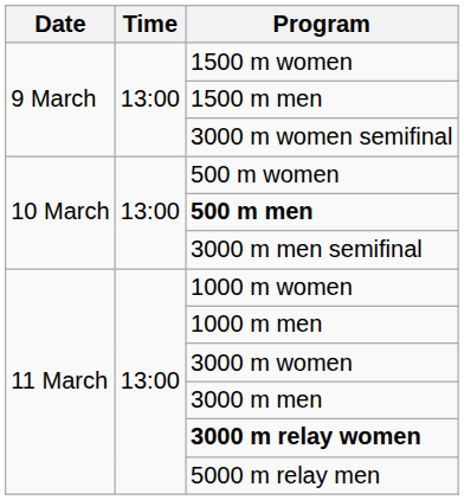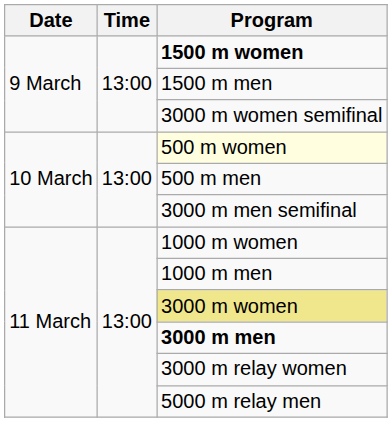 <table class="wikitable">
 <tr>
 <th>Date</th>
 <th>Time</th>
 <th>Program</th>
 </tr>
 <tr>
 <td rowspan=3>9 March</td>
 <td rowspan=3>13:00</td>
-<td>1500 m women</td>
+<td><strong>1500 m women</strong></td>
 </tr>
 <tr>
 <td>1500 m men</td>
 </tr>
 <tr>
 <td>3000 m women semifinal</td>
 </tr>
 <tr>
 <td rowspan=3>10 March</td>
 <td rowspan=3>13:00</td>
-<td>500 m women</td>
+<td style="background: lightyellow;">500 m women</td>
 </tr>
 <tr>
-<td><strong>500 m men</strong></td>
+<td>500 m men</td>
 </tr>
 <tr>
 <td>3000 m men semifinal</td>
 </tr>
 <tr>
 <td rowspan=6>11 March</td>
 <td rowspan=6>13:00</td>
 <td>1000 m women</td>
 </tr>
 <tr>
 <td>1000 m men</td>
 </tr>
 <tr>
-<td>3000 m women</td>
+<td style="background: khaki;">3000 m women</td>
 </tr>
 <tr>
-<td>3000 m men</td>
+<td><strong>3000 m men</strong></td>
 </tr>
 <tr>
-<td><strong>3000 m relay women</strong></td>
+<td>3000 m relay women</td>
 </tr>
 <tr>
 <td>5000 m relay men</td>
 </tr>
 </table>
